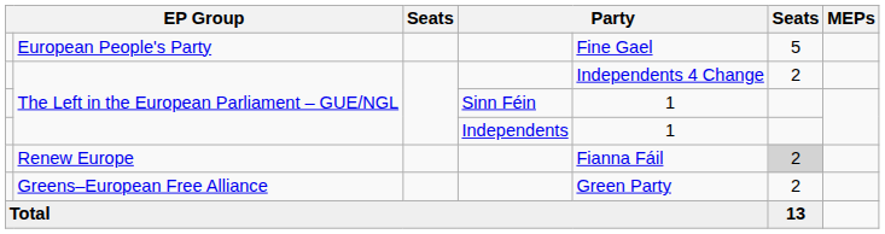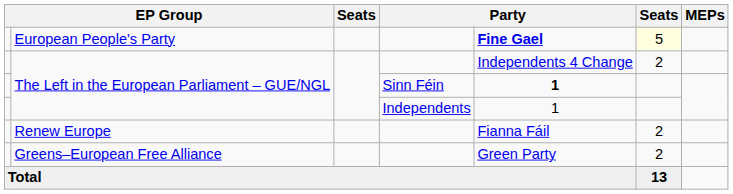 <table class="wikitable">
 <tr>
 <th colspan=2>EP Group</th>
 <th>Seats</th>
 <th colspan=2>Party</th>
 <th>Seats</th>
 <th>MEPs</th>
 </tr>
 <tr>
 <td style="color:inherit;background:"></td>
 <td><a href='#'>European People's Party</a></td>
 <td></td>
 <td style="color:inherit;background:"></td>
-<td><a href='#'>Fine Gael</a></td>
-<td align=center>5</td>
+<td><strong><a href='#'>Fine Gael</a></strong></td>
+<td align=center style="background: lightyellow;">5</td>
 <td></td>
 </tr>
 <tr>
 <td></td>
 <td rowspan="3"><a href='#'>The Left in the European Parliament – GUE/NGL</a></td>
 <td rowspan="3"></td>
 <td style="color:inherit;background:"></td>
 <td><a href='#'>Independents 4 Change</a></td>
 <td align=center>2</td>
 <td></td>
 </tr>
 <tr>
 <td style="color:inherit;background:"></td>
 <td><a href='#'>Sinn Féin</a></td>
-<td align=center>1</td>
+<td align=center><strong>1</strong></td>
 <td></td>
 </tr>
 <tr>
 <td style="color:inherit;background:"></td>
 <td><a href='#'>Independents</a></td>
 <td align=center>1</td>
 <td></td>
 </tr>
 <tr>
 <td style="color:inherit;background:"></td>
 <td><a href='#'>Renew Europe</a></td>
 <td></td>
 <td style="color:inherit;background:"></td>
 <td><a href='#'>Fianna Fáil</a></td>
-<td align=center style="background: lightgrey;">2</td>
+<td align=center>2</td>
 <td></td>
 </tr>
 <tr>
 <td style="color:inherit;background:"></td>
 <td><a href='#'>Greens–European Free Alliance</a></td>
 <td></td>
 <td style="color:inherit;background:"></td>
 <td><a href='#'>Green Party</a></td>
 <td align=center>2</td>
 <td></td>
 </tr>
 <tr style="font-weight:bold; background-color:#EFEFEF;">
 <td colspan=5 align=left>Total</td>
 <td align=center>13</td>
 </tr>
 </table>
